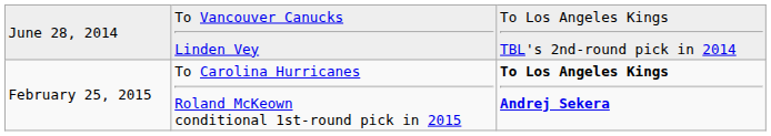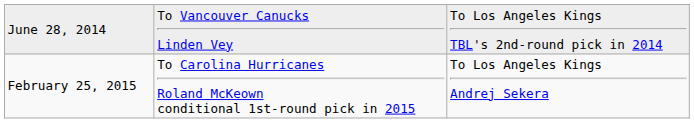 <table class="wikitable" style="border:1px solid #999999; width:80%;">
 <tr bgcolor="eeeeee">
 <td>June 28, 2014</td>
 <td valign="top">To <a href='#'>Vancouver Canucks</a> <hr><a href='#'>Linden Vey</a></td>
 <td valign="top">To Los Angeles Kings <hr><a href='#'>TBL</a>'s 2nd-round pick in <a href='#'>2014</a></td>
 </tr>
 <tr>
 <td>February 25, 2015</td>
 <td valign="top">To <a href='#'>Carolina Hurricanes</a> <hr><a href='#'>Roland McKeown</a><br>conditional 1st-round pick in <a href='#'>2015</a></td>
-<td valign="top"><strong>To Los Angeles Kings <hr><a href='#'>Andrej Sekera</a></strong></td>
+<td valign="top">To Los Angeles Kings <hr><a href='#'>Andrej Sekera</a></td>
 </tr>
 </table>
